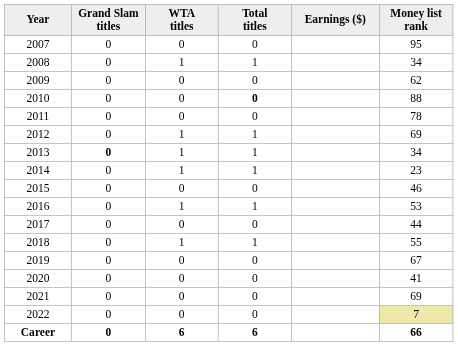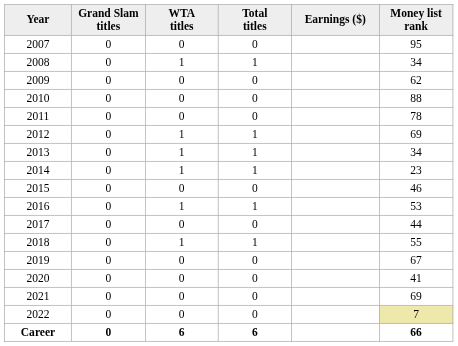 <table cellpadding=3 cellspacing=0 border=1 style=border:#aaa;solid:1px;border-collapse:collapse;text-align:center;>
 <tr style=background:#eee;font-weight:bold>
 <td width="90">Year</td>
 <td width="100">Grand Slam <br>titles</td>
 <td width="100">WTA <br>titles</td>
 <td width="100">Total <br>titles</td>
 <td width="120">Earnings ($)</td>
 <td width="100">Money list rank</td>
 </tr>
 <tr>
 <td>2007</td>
 <td>0</td>
 <td>0</td>
 <td>0</td>
 <td align="right"></td>
 <td>95</td>
 </tr>
 <tr>
 <td>2008</td>
 <td>0</td>
 <td>1</td>
 <td>1</td>
 <td align="right"></td>
 <td>34</td>
 </tr>
 <tr>
 <td>2009</td>
 <td>0</td>
 <td>0</td>
 <td>0</td>
 <td align="right"></td>
 <td>62</td>
 </tr>
 <tr>
 <td>2010</td>
 <td>0</td>
 <td>0</td>
-<td><strong>0</strong></td>
+<td>0</td>
 <td align="right"></td>
 <td>88</td>
 </tr>
 <tr>
 <td>2011</td>
 <td>0</td>
 <td>0</td>
 <td>0</td>
 <td align="right"></td>
 <td>78</td>
 </tr>
 <tr>
 <td>2012</td>
 <td>0</td>
 <td>1</td>
 <td>1</td>
 <td align="right"></td>
 <td>69</td>
 </tr>
 <tr>
 <td>2013</td>
-<td><strong>0</strong></td>
+<td>0</td>
 <td>1</td>
 <td>1</td>
 <td align="right"></td>
 <td>34</td>
 </tr>
 <tr>
 <td>2014</td>
 <td>0</td>
 <td>1</td>
 <td>1</td>
 <td align="right"></td>
 <td>23</td>
 </tr>
 <tr>
 <td>2015</td>
 <td>0</td>
 <td>0</td>
 <td>0</td>
 <td align="right"></td>
 <td>46</td>
 </tr>
 <tr>
 <td>2016</td>
 <td>0</td>
 <td>1</td>
 <td>1</td>
 <td align="right"></td>
 <td>53</td>
 </tr>
 <tr>
 <td>2017</td>
 <td>0</td>
 <td>0</td>
 <td>0</td>
 <td align="right"></td>
 <td>44</td>
 </tr>
 <tr>
 <td>2018</td>
 <td>0</td>
 <td>1</td>
 <td>1</td>
 <td align="right"></td>
 <td>55</td>
 </tr>
 <tr>
 <td>2019</td>
 <td>0</td>
 <td>0</td>
 <td>0</td>
 <td align="right"></td>
 <td>67</td>
 </tr>
 <tr>
 <td>2020</td>
 <td>0</td>
 <td>0</td>
 <td>0</td>
 <td align="right"></td>
 <td>41</td>
 </tr>
 <tr>
 <td>2021</td>
 <td>0</td>
 <td>0</td>
 <td>0</td>
 <td align="right"></td>
 <td>69</td>
 </tr>
 <tr>
 <td>2022</td>
 <td>0</td>
 <td>0</td>
 <td>0</td>
 <td align="right"></td>
 <td bgcolor=eee8aa>7</td>
 </tr>
 <tr style="font-weight:bold;">
 <td>Career</td>
 <td>0</td>
 <td>6</td>
 <td>6</td>
 <td align="right"></td>
 <td>66</td>
 </tr>
 </table>
